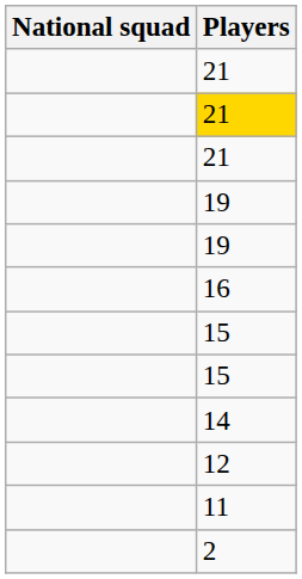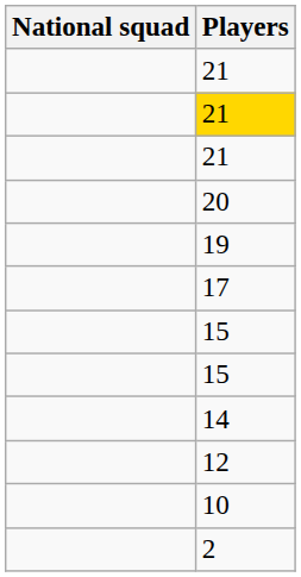 <table class="wikitable sortable">
 <tr>
 <th>National squad</th>
 <th>Players</th>
 </tr>
 <tr>
 <td></td>
 <td>21</td>
 </tr>
 <tr>
 <td></td>
 <td style="background: gold;">21</td>
 </tr>
 <tr>
 <td></td>
 <td>21</td>
 </tr>
 <tr>
 <td></td>
-<td>19</td>
+<td>20</td>
 </tr>
 <tr>
 <td></td>
 <td>19</td>
 </tr>
 <tr>
 <td></td>
-<td>16</td>
+<td>17</td>
 </tr>
 <tr>
 <td></td>
 <td>15</td>
 </tr>
 <tr>
 <td></td>
 <td>15</td>
 </tr>
 <tr>
 <td></td>
 <td>14</td>
 </tr>
 <tr>
 <td></td>
 <td>12</td>
 </tr>
 <tr>
 <td></td>
-<td>11</td>
+<td>10</td>
 </tr>
 <tr>
 <td></td>
 <td>2</td>
 </tr>
 </table>
